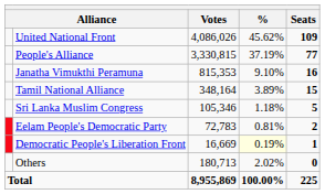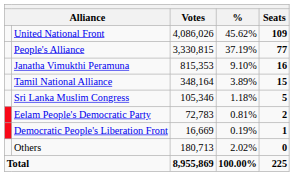 <table class="wikitable" border="1" style="text-align:right;">
 <tr>
 <th colspan="8"></th>
 </tr>
 <tr>
 <th colspan=2>Alliance</th>
 <th width="60">Votes</th>
 <th width="50">%</th>
 <th width="40">Seats</th>
 </tr>
 <tr>
 <td bgcolor=> </td>
 <td align=left><a href='#'>United National Front</a></td>
 <td>4,086,026</td>
 <td>45.62%</td>
 <td><strong>109</strong></td>
 </tr>
 <tr>
 <td bgcolor=> </td>
 <td align=left><a href='#'>People's Alliance</a></td>
 <td>3,330,815</td>
 <td>37.19%</td>
 <td><strong>77</strong></td>
 </tr>
 <tr>
 <td bgcolor=> </td>
 <td align=left><a href='#'>Janatha Vimukthi Peramuna</a></td>
 <td>815,353</td>
 <td>9.10%</td>
 <td><strong>16</strong></td>
 </tr>
 <tr>
 <td bgcolor=> </td>
 <td align=left><a href='#'>Tamil National Alliance</a></td>
 <td>348,164</td>
 <td>3.89%</td>
 <td><strong>15</strong></td>
 </tr>
 <tr>
 <td bgcolor=> </td>
 <td align=left><a href='#'>Sri Lanka Muslim Congress</a></td>
 <td>105,346</td>
 <td>1.18%</td>
 <td><strong>5</strong></td>
 </tr>
 <tr>
 <td bgcolor=#F90818> </td>
 <td align=left><a href='#'>Eelam People's Democratic Party</a></td>
 <td>72,783</td>
 <td>0.81%</td>
 <td><strong>2</strong></td>
 </tr>
 <tr>
 <td bgcolor=#F90818> </td>
 <td align=left><a href='#'>Democratic People's Liberation Front</a></td>
 <td>16,669</td>
-<td style="background: lightyellow;">0.19%</td>
+<td>0.19%</td>
 <td><strong>1</strong></td>
 </tr>
 <tr>
 <td></td>
 <td align=left>Others</td>
 <td>180,713</td>
 <td>2.02%</td>
 <td><strong>0</strong></td>
 </tr>
 <tr>
 <td colspan=2 align=left><strong>Total</strong></td>
 <td><strong>8,955,869</strong></td>
 <td><strong>100.00%</strong></td>
 <td><strong>225</strong></td>
 </tr>
 </table>
